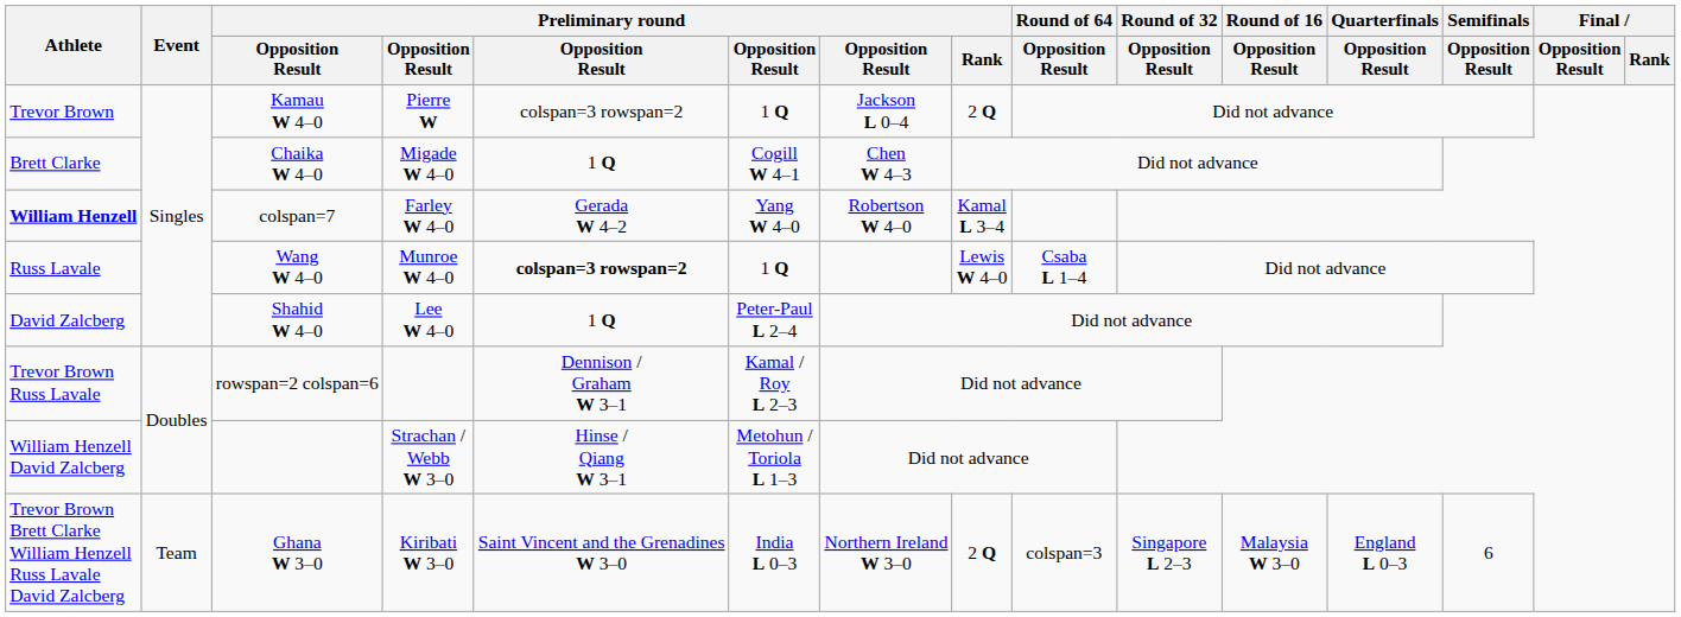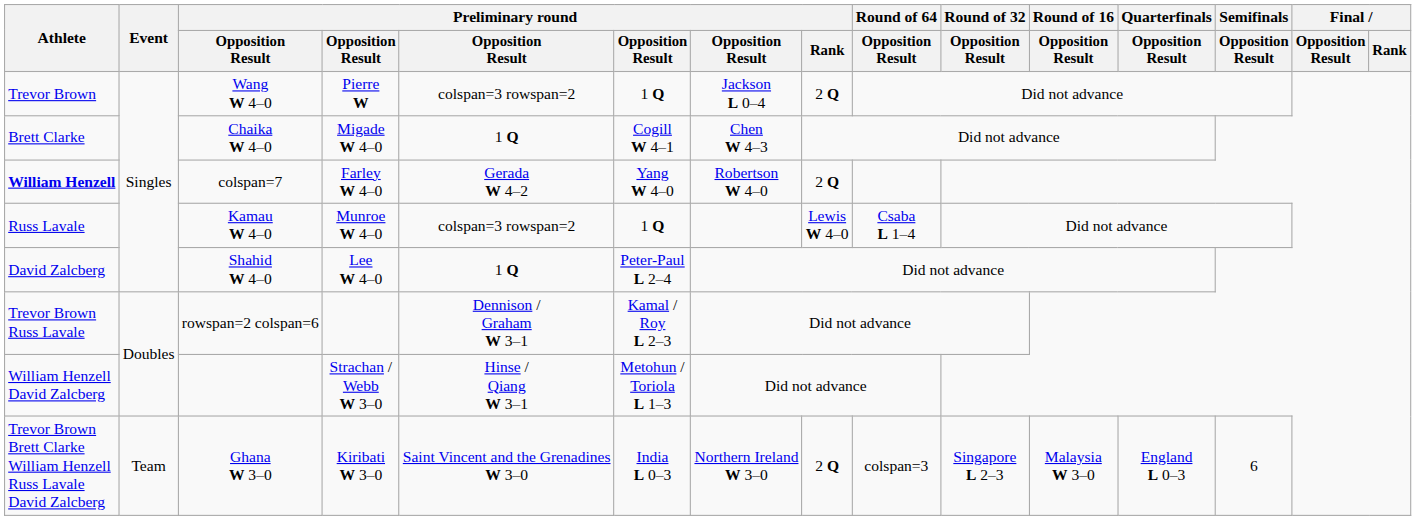 <table class="wikitable" style="font-size:90%;text-align:center">
 <tr>
 <th rowspan=2>Athlete</th>
 <th rowspan=2>Event</th>
 <th colspan=6>Preliminary round</th>
 <th>Round of 64</th>
 <th>Round of 32</th>
 <th>Round of 16</th>
 <th>Quarterfinals</th>
 <th>Semifinals</th>
 <th colspan=2>Final / </th>
 </tr>
 <tr style="font-size:95%">
 <th>Opposition<br>Result</th>
 <th>Opposition<br>Result</th>
 <th>Opposition<br>Result</th>
 <th>Opposition<br>Result</th>
 <th>Opposition<br>Result</th>
 <th>Rank</th>
 <th>Opposition<br>Result</th>
 <th>Opposition<br>Result</th>
 <th>Opposition<br>Result</th>
 <th>Opposition<br>Result</th>
 <th>Opposition<br>Result</th>
 <th>Opposition<br>Result</th>
 <th>Rank</th>
 </tr>
 <tr>
 <td align=left><a href='#'>Trevor Brown</a></td>
 <td rowspan=5>Singles</td>
-<td> <a href='#'>Kamau</a><br><strong>W</strong> 4–0</td>
+<td> <a href='#'>Wang</a><br><strong>W</strong> 4–0</td>
 <td> <a href='#'>Pierre</a><br><strong>W</strong> </td>
 <td>colspan=3 rowspan=2 </td>
 <td>1 <strong>Q</strong></td>
 <td> <a href='#'>Jackson</a><br><strong>L</strong> 0–4</td>
 <td>2 <strong>Q</strong></td>
 <td colspan=5>Did not advance</td>
 </tr>
 <tr>
 <td align=left><a href='#'>Brett Clarke</a></td>
 <td> <a href='#'>Chaika</a><br><strong>W</strong> 4–0</td>
 <td> <a href='#'>Migade</a><br><strong>W</strong> 4–0</td>
 <td>1 <strong>Q</strong></td>
 <td> <a href='#'>Cogill</a><br><strong>W</strong> 4–1</td>
 <td> <a href='#'>Chen</a><br><strong>W</strong> 4–3</td>
 <td colspan=5>Did not advance</td>
 </tr>
 <tr>
 <td align=left><strong><a href='#'>William Henzell</a></strong></td>
 <td>colspan=7 </td>
 <td> <a href='#'>Farley</a><br><strong>W</strong> 4–0</td>
 <td> <a href='#'>Gerada</a><br><strong>W</strong> 4–2</td>
 <td> <a href='#'>Yang</a><br><strong>W</strong> 4–0</td>
 <td> <a href='#'>Robertson</a><br><strong>W</strong> 4–0</td>
-<td> <a href='#'>Kamal</a><br><strong>L</strong> 3–4</td>
+<td>2 <strong>Q</strong></td>
 <td></td>
 </tr>
 <tr>
 <td align=left><a href='#'>Russ Lavale</a></td>
-<td> <a href='#'>Wang</a><br><strong>W</strong> 4–0</td>
+<td> <a href='#'>Kamau</a><br><strong>W</strong> 4–0</td>
 <td> <a href='#'>Munroe</a><br><strong>W</strong> 4–0</td>
-<td><strong>colspan=3 rowspan=2 </strong></td>
+<td>colspan=3 rowspan=2 </td>
 <td>1 <strong>Q</strong></td>
 <td></td>
 <td> <a href='#'>Lewis</a><br><strong>W</strong> 4–0</td>
 <td> <a href='#'>Csaba</a><br><strong>L</strong> 1–4</td>
 <td colspan=4>Did not advance</td>
 </tr>
 <tr>
 <td align=left><a href='#'>David Zalcberg</a></td>
 <td> <a href='#'>Shahid</a><br><strong>W</strong> 4–0</td>
 <td> <a href='#'>Lee</a><br><strong>W</strong> 4–0</td>
 <td>1 <strong>Q</strong></td>
 <td> <a href='#'>Peter-Paul</a><br><strong>L</strong> 2–4</td>
 <td colspan=6>Did not advance</td>
 </tr>
 <tr>
 <td align=left><a href='#'>Trevor Brown</a><br><a href='#'>Russ Lavale</a></td>
 <td rowspan=2>Doubles</td>
 <td>rowspan=2 colspan=6 </td>
 <td></td>
 <td> <a href='#'>Dennison</a> /<br> <a href='#'>Graham</a> <br> <strong>W</strong> 3–1</td>
 <td> <a href='#'>Kamal</a> /<br><a href='#'>Roy</a><br><strong>L</strong> 2–3</td>
 <td colspan=4>Did not advance</td>
 </tr>
 <tr>
 <td align=left><a href='#'>William Henzell</a><br><a href='#'>David Zalcberg</a></td>
 <td></td>
 <td> <a href='#'>Strachan</a> / <br> <a href='#'>Webb</a><br><strong>W</strong> 3–0</td>
 <td> <a href='#'>Hinse</a> /<br><a href='#'>Qiang</a> <br> <strong>W</strong> 3–1</td>
 <td> <a href='#'>Metohun</a> /<br> <a href='#'>Toriola</a><br> <strong>L</strong> 1–3</td>
 <td colspan=3>Did not advance</td>
 </tr>
 <tr>
 <td align=left><a href='#'>Trevor Brown</a><br><a href='#'>Brett Clarke</a><br><a href='#'>William Henzell</a><br><a href='#'>Russ Lavale</a><br><a href='#'>David Zalcberg</a></td>
 <td>Team</td>
 <td> <a href='#'>Ghana</a><br> <strong>W</strong> 3–0</td>
 <td> <a href='#'>Kiribati</a><br> <strong>W</strong> 3–0</td>
 <td> <a href='#'>Saint Vincent and the Grenadines</a><br> <strong>W</strong> 3–0</td>
 <td> <a href='#'>India</a><br> <strong>L</strong> 0–3</td>
 <td> <a href='#'>Northern Ireland</a><br> <strong>W</strong> 3–0</td>
 <td>2 <strong>Q</strong></td>
 <td>colspan=3 </td>
 <td> <a href='#'>Singapore</a><br> <strong>L</strong> 2–3</td>
 <td> <a href='#'>Malaysia</a><br> <strong>W</strong> 3–0</td>
 <td> <a href='#'>England</a><br> <strong>L</strong> 0–3</td>
 <td>6</td>
 </tr>
 </table>
